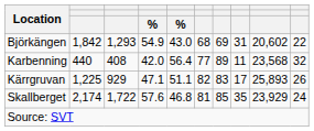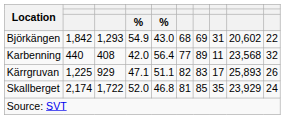 <table role="presentation" class="wikitable sortable mw-collapsible">
 <tr>
 <th rowspan="3">Location</th>
 <th></th>
 <th></th>
 <th></th>
 <th></th>
 <th></th>
 <th></th>
 <th></th>
 <th></th>
 <th></th>
 </tr>
 <tr>
 <th></th>
 <th></th>
 <th style="background:"></th>
 <th style="background:"></th>
 <th></th>
 <th></th>
 <th></th>
 <th></th>
 <th></th>
 </tr>
 <tr>
 <th data-sort-type="number"></th>
 <th data-sort-type="number"></th>
 <th data-sort-type="number">%</th>
 <th data-sort-type="number">%</th>
 <th data-sort-type="number"></th>
 <th data-sort-type="number"></th>
 <th data-sort-type="number"></th>
 <th data-sort-type="number"></th>
 <th data-sort-type="number"></th>
 </tr>
 <tr>
 <td align="left">Björkängen</td>
 <td>1,842</td>
 <td>1,293</td>
 <td>54.9</td>
 <td>43.0</td>
 <td>68</td>
 <td>69</td>
 <td>31</td>
 <td>20,602</td>
 <td>22</td>
 </tr>
 <tr>
 <td align="left">Karbenning</td>
 <td>440</td>
 <td>408</td>
 <td>42.0</td>
 <td>56.4</td>
 <td>77</td>
 <td>89</td>
 <td>11</td>
 <td>23,568</td>
 <td>32</td>
 </tr>
 <tr>
 <td align="left">Kärrgruvan</td>
 <td>1,225</td>
 <td>929</td>
 <td>47.1</td>
 <td>51.1</td>
 <td>82</td>
 <td>83</td>
 <td>17</td>
 <td>25,893</td>
 <td>26</td>
 </tr>
 <tr>
 <td align="left">Skallberget</td>
 <td>2,174</td>
 <td>1,722</td>
-<td>57.6</td>
+<td>52.0</td>
 <td>46.8</td>
 <td>81</td>
 <td>85</td>
 <td>35</td>
 <td>23,929</td>
 <td>24</td>
 </tr>
 <tr>
 <td colspan="10" align="left">Source: <a href='#'>SVT</a></td>
 </tr>
 </table>
